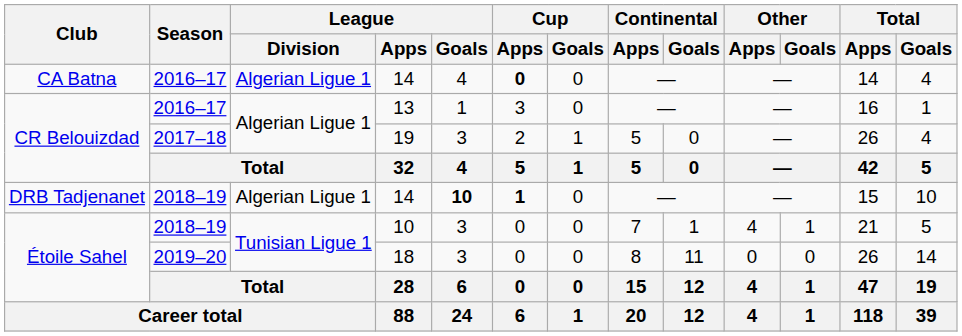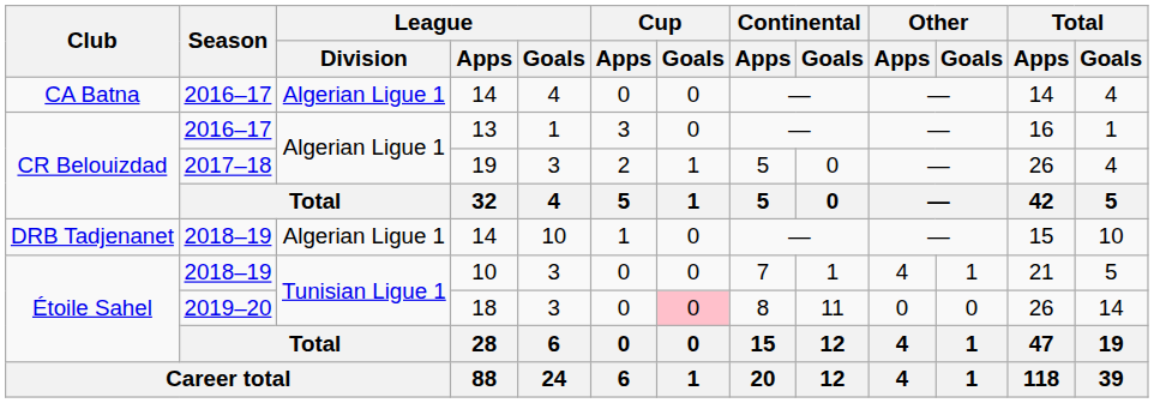 <table class="wikitable" style="text-align:center">
 <tr>
 <th rowspan="2">Club</th>
 <th rowspan="2">Season</th>
 <th colspan="3">League</th>
 <th colspan="2">Cup</th>
 <th colspan="2">Continental</th>
 <th colspan="2">Other</th>
 <th colspan="2">Total</th>
 </tr>
 <tr>
 <th>Division</th>
 <th>Apps</th>
 <th>Goals</th>
 <th>Apps</th>
 <th>Goals</th>
 <th>Apps</th>
 <th>Goals</th>
 <th>Apps</th>
 <th>Goals</th>
 <th>Apps</th>
 <th>Goals</th>
 </tr>
 <tr>
 <td><a href='#'>CA Batna</a></td>
 <td><a href='#'>2016–17</a></td>
 <td><a href='#'>Algerian Ligue 1</a></td>
 <td>14</td>
 <td>4</td>
-<td><strong>0</strong></td>
+<td>0</td>
 <td>0</td>
 <td colspan="2">—</td>
 <td colspan="2">—</td>
 <td>14</td>
 <td>4</td>
 </tr>
 <tr>
 <td rowspan="3"><a href='#'>CR Belouizdad</a></td>
 <td><a href='#'>2016–17</a></td>
 <td rowspan="2">Algerian Ligue 1</td>
 <td>13</td>
 <td>1</td>
 <td>3</td>
 <td>0</td>
 <td colspan="2">—</td>
 <td colspan="2">—</td>
 <td>16</td>
 <td>1</td>
 </tr>
 <tr>
 <td><a href='#'>2017–18</a></td>
 <td>19</td>
 <td>3</td>
 <td>2</td>
 <td>1</td>
 <td>5</td>
 <td>0</td>
 <td colspan="2">—</td>
 <td>26</td>
 <td>4</td>
 </tr>
 <tr>
 <th colspan="2">Total</th>
 <th>32</th>
 <th>4</th>
 <th>5</th>
 <th>1</th>
 <th>5</th>
 <th>0</th>
 <th colspan="2">—</th>
 <th>42</th>
 <th>5</th>
 </tr>
 <tr>
 <td><a href='#'>DRB Tadjenanet</a></td>
 <td><a href='#'>2018–19</a></td>
 <td>Algerian Ligue 1</td>
 <td>14</td>
-<td><strong>10</strong></td>
-<td><strong>1</strong></td>
+<td>10</td>
+<td>1</td>
 <td>0</td>
 <td colspan="2">—</td>
 <td colspan="2">—</td>
 <td>15</td>
 <td>10</td>
 </tr>
 <tr>
 <td rowspan="3"><a href='#'>Étoile Sahel</a></td>
 <td><a href='#'>2018–19</a></td>
 <td rowspan="2"><a href='#'>Tunisian Ligue 1</a></td>
 <td>10</td>
 <td>3</td>
 <td>0</td>
 <td>0</td>
 <td>7</td>
 <td>1</td>
 <td>4</td>
 <td>1</td>
 <td>21</td>
 <td>5</td>
 </tr>
 <tr>
 <td><a href='#'>2019–20</a></td>
 <td>18</td>
 <td>3</td>
 <td>0</td>
-<td>0</td>
+<td style="background: pink;">0</td>
 <td>8</td>
 <td>11</td>
 <td>0</td>
 <td>0</td>
 <td>26</td>
 <td>14</td>
 </tr>
 <tr>
 <th colspan="2">Total</th>
 <th>28</th>
 <th>6</th>
 <th>0</th>
 <th>0</th>
 <th>15</th>
 <th>12</th>
 <th>4</th>
 <th>1</th>
 <th>47</th>
 <th>19</th>
 </tr>
 <tr>
 <th colspan="3">Career total</th>
 <th>88</th>
 <th>24</th>
 <th>6</th>
 <th>1</th>
 <th>20</th>
 <th>12</th>
 <th>4</th>
 <th>1</th>
 <th>118</th>
 <th>39</th>
 </tr>
 </table>
